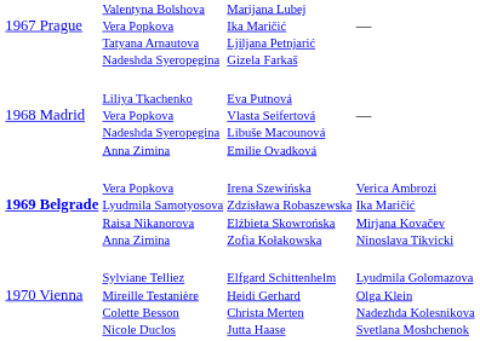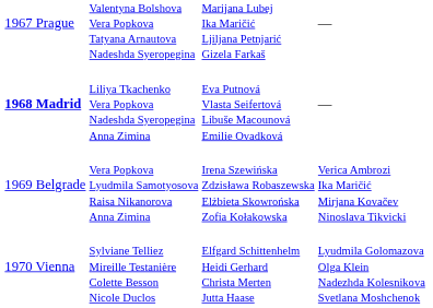 <table>
 <tr>
 <td><a href='#'>1967 Prague</a><br></td>
 <td><br><small><a href='#'>Valentyna Bolshova</a><br><a href='#'>Vera Popkova</a><br><a href='#'>Tatyana Arnautova</a><br><a href='#'>Nadeshda Syeropegina</a></small></td>
 <td><br><small><a href='#'>Marijana Lubej</a><br><a href='#'>Ika Maričić</a><br><a href='#'>Ljiljana Petnjarić</a><br><a href='#'>Gizela Farkaš</a></small></td>
 <td>—</td>
 </tr>
 <tr>
-<td><a href='#'>1968 Madrid</a><br></td>
+<td><strong><a href='#'>1968 Madrid</a><br></strong></td>
 <td><br><small><a href='#'>Liliya Tkachenko</a><br><a href='#'>Vera Popkova</a><br><a href='#'>Nadeshda Syeropegina</a><br><a href='#'>Anna Zimina</a></small></td>
 <td><br><small><a href='#'>Eva Putnová</a><br><a href='#'>Vlasta Seifertová</a><br><a href='#'>Libuše Macounová</a><br><a href='#'>Emilie Ovadková</a></small></td>
 <td>—</td>
 </tr>
 <tr>
-<td><strong><a href='#'>1969 Belgrade</a><br></strong></td>
+<td><a href='#'>1969 Belgrade</a><br></td>
 <td><br><small><a href='#'>Vera Popkova</a><br><a href='#'>Lyudmila Samotyosova</a><br><a href='#'>Raisa Nikanorova</a><br><a href='#'>Anna Zimina</a></small></td>
 <td><br><small><a href='#'>Irena Szewińska</a><br><a href='#'>Zdzisława Robaszewska</a><br><a href='#'>Elżbieta Skowrońska</a><br><a href='#'>Zofia Kołakowska</a></small></td>
 <td><br><small><a href='#'>Verica Ambrozi</a><br><a href='#'>Ika Maričić</a><br><a href='#'>Mirjana Kovačev</a><br><a href='#'>Ninoslava Tikvicki</a></small></td>
 </tr>
 <tr>
 <td><a href='#'>1970 Vienna</a><br></td>
 <td><br><small><a href='#'>Sylviane Telliez</a><br><a href='#'>Mireille Testanière</a><br><a href='#'>Colette Besson</a><br><a href='#'>Nicole Duclos</a></small></td>
 <td><br><small><a href='#'>Elfgard Schittenhelm</a><br><a href='#'>Heidi Gerhard</a><br><a href='#'>Christa Merten</a><br><a href='#'>Jutta Haase</a></small></td>
 <td><br><small><a href='#'>Lyudmila Golomazova</a><br><a href='#'>Olga Klein</a><br><a href='#'>Nadezhda Kolesnikova</a><br><a href='#'>Svetlana Moshchenok</a></small></td>
 </tr>
 <tr>
 </tr>
 </table>
